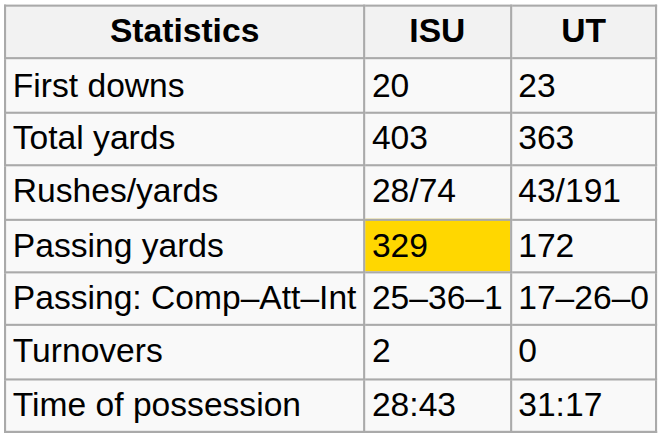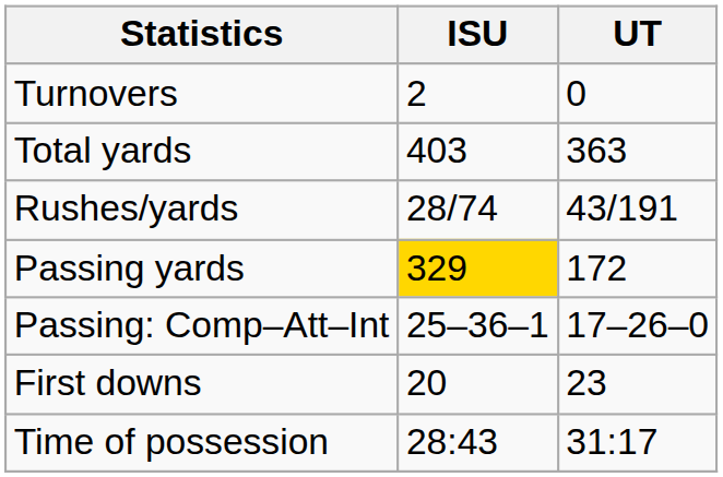 <table class="wikitable" style="float: left;">
 <tr>
 <th>Statistics</th>
 <th>ISU</th>
 <th>UT</th>
 </tr>
 <tr>
-<td>First downs</td>
-<td>20</td>
-<td>23</td>
+<td>Turnovers</td>
+<td>2</td>
+<td>0</td>
 </tr>
 <tr>
 <td>Total yards</td>
 <td>403</td>
 <td>363</td>
 </tr>
 <tr>
 <td>Rushes/yards</td>
 <td>28/74</td>
 <td>43/191</td>
 </tr>
 <tr>
 <td>Passing yards</td>
 <td style="background: gold;">329</td>
 <td>172</td>
 </tr>
 <tr>
 <td>Passing: Comp–Att–Int</td>
 <td>25–36–1</td>
 <td>17–26–0</td>
 </tr>
 <tr>
-<td>Turnovers</td>
-<td>2</td>
-<td>0</td>
+<td>First downs</td>
+<td>20</td>
+<td>23</td>
 </tr>
 <tr>
 <td>Time of possession</td>
 <td>28:43</td>
 <td>31:17</td>
 </tr>
 <tr>
 </tr>
 </table>
